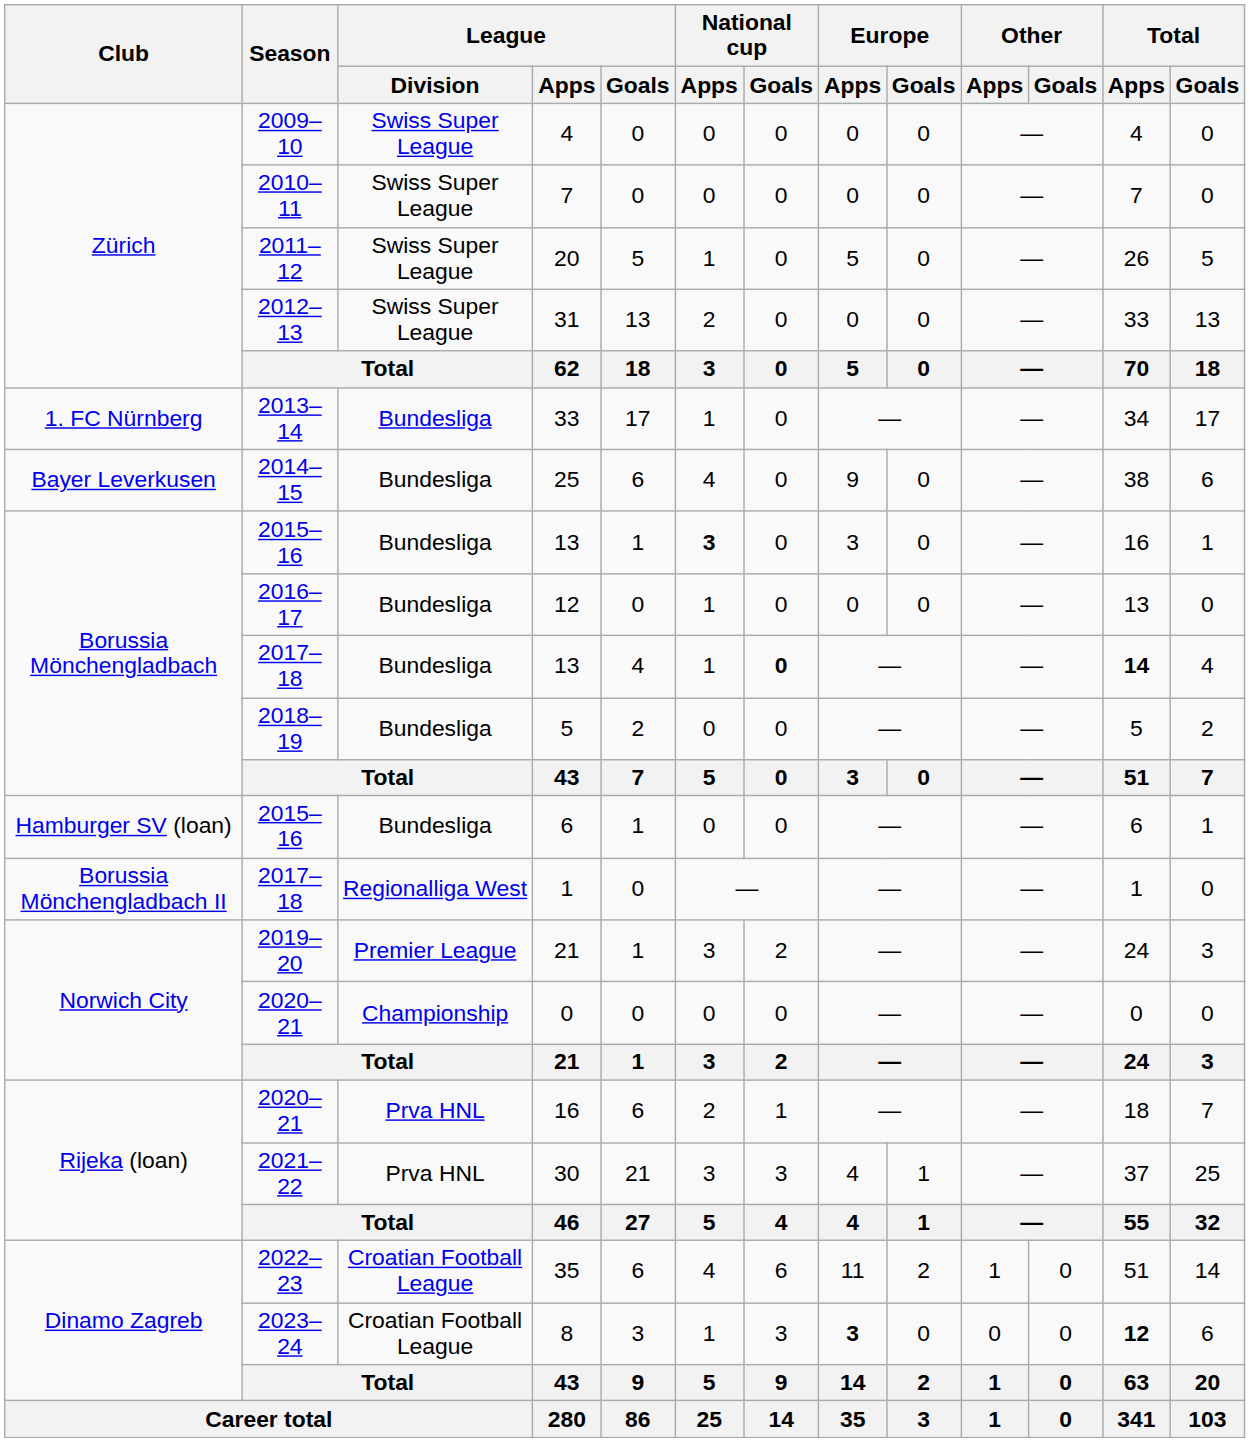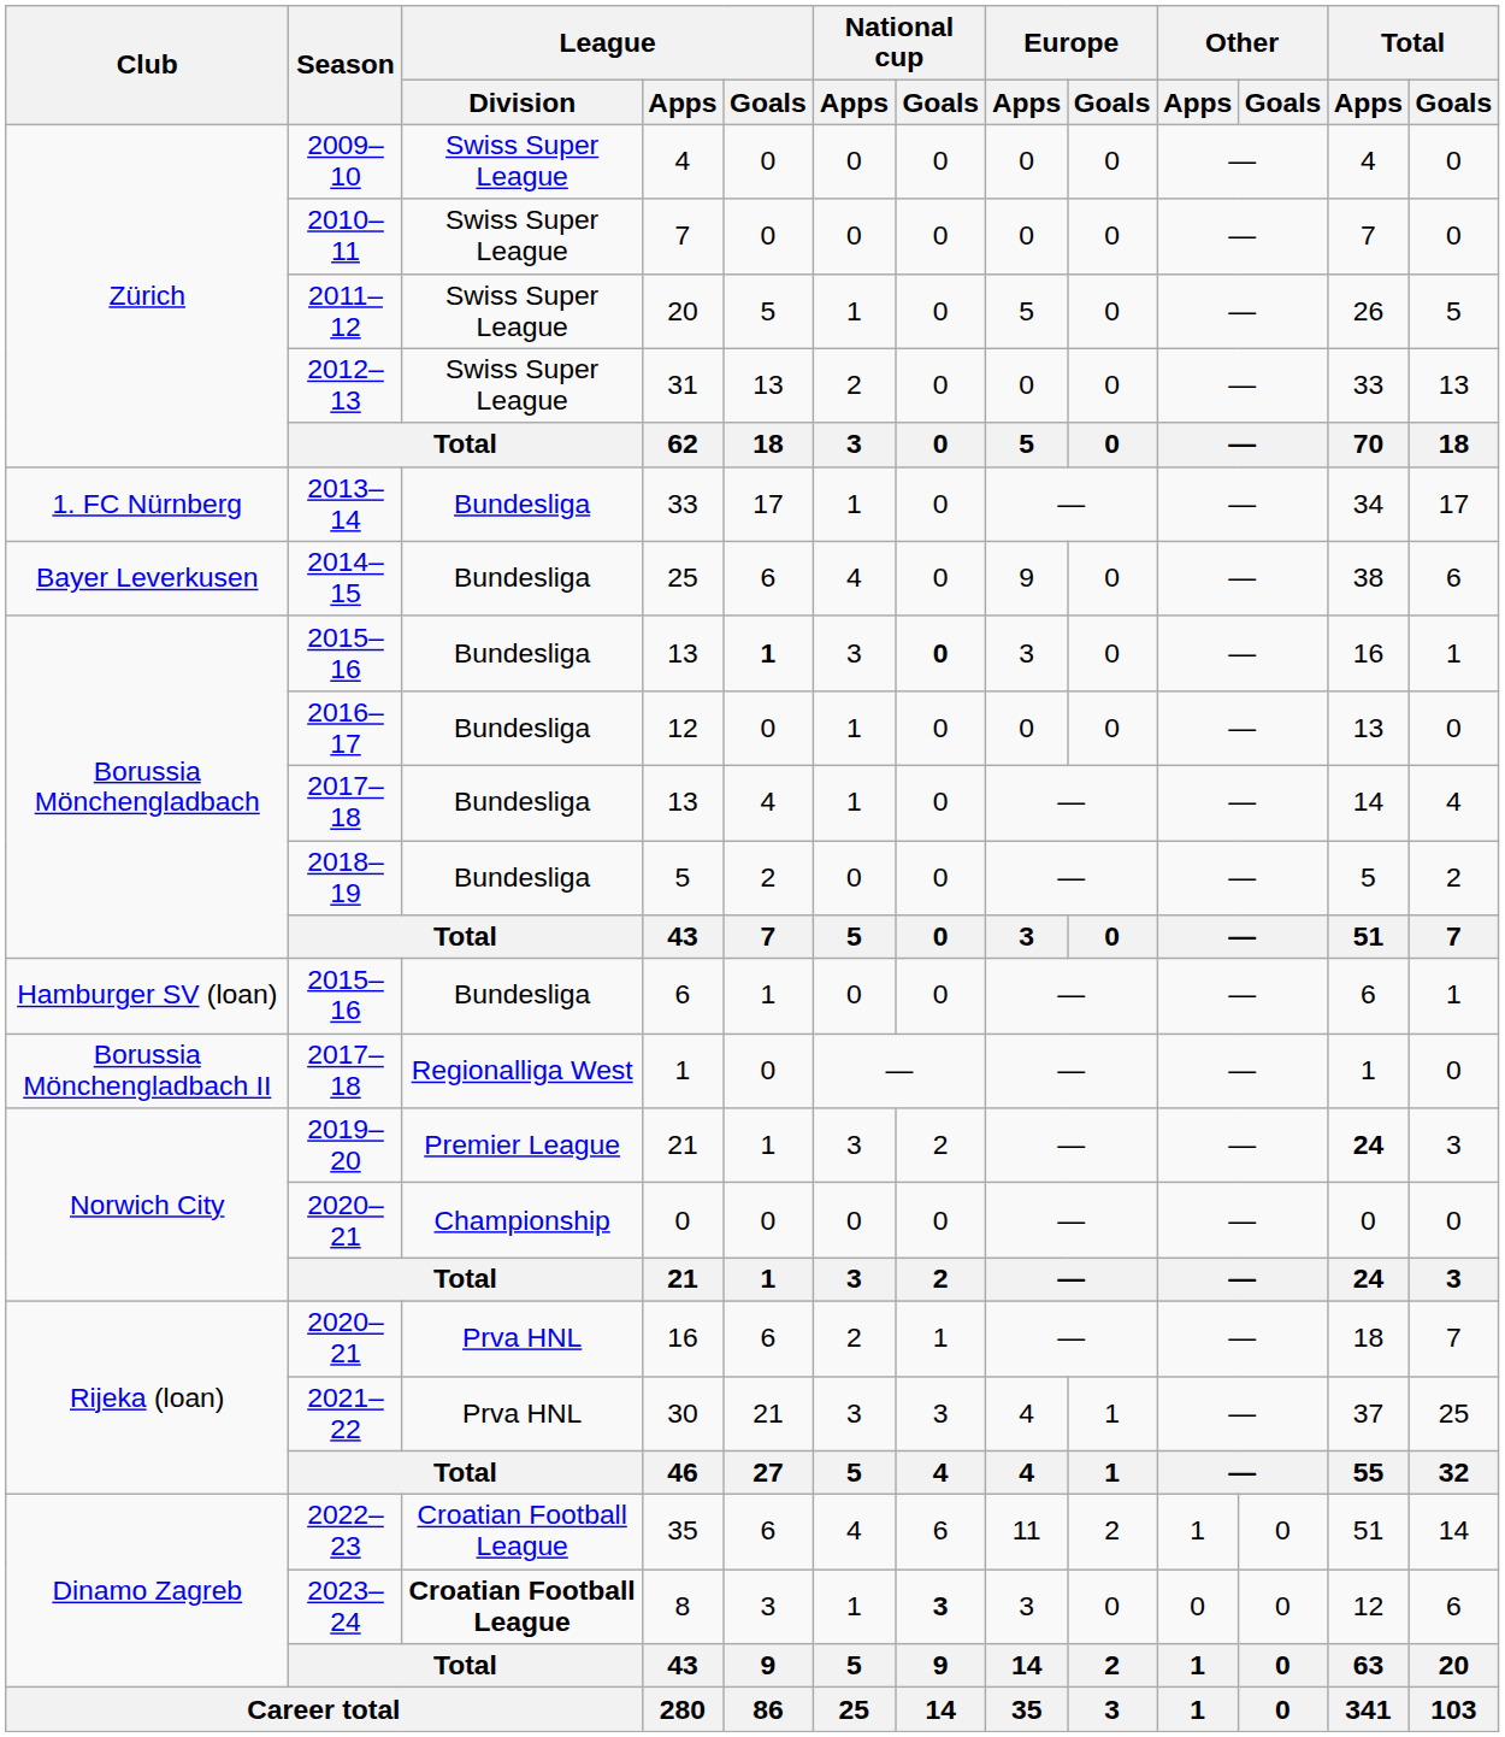 <table class=wikitable style=text-align:center>
 <tr>
 <th rowspan=2>Club</th>
 <th rowspan=2>Season</th>
 <th colspan=3>League</th>
 <th colspan=2>National cup</th>
 <th colspan=2>Europe</th>
 <th colspan=2>Other</th>
 <th colspan=2>Total</th>
 </tr>
 <tr>
 <th>Division</th>
 <th>Apps</th>
 <th>Goals</th>
 <th>Apps</th>
 <th>Goals</th>
 <th>Apps</th>
 <th>Goals</th>
 <th>Apps</th>
 <th>Goals</th>
 <th>Apps</th>
 <th>Goals</th>
 </tr>
 <tr>
 <td rowspan=5><a href='#'>Zürich</a></td>
 <td><a href='#'>2009–10</a></td>
 <td><a href='#'>Swiss Super League</a></td>
 <td>4</td>
 <td>0</td>
 <td>0</td>
 <td>0</td>
 <td>0</td>
 <td>0</td>
 <td colspan=2>—</td>
 <td>4</td>
 <td>0</td>
 </tr>
 <tr>
 <td><a href='#'>2010–11</a></td>
 <td>Swiss Super League</td>
 <td>7</td>
 <td>0</td>
 <td>0</td>
 <td>0</td>
 <td>0</td>
 <td>0</td>
 <td colspan=2>—</td>
 <td>7</td>
 <td>0</td>
 </tr>
 <tr>
 <td><a href='#'>2011–12</a></td>
 <td>Swiss Super League</td>
 <td>20</td>
 <td>5</td>
 <td>1</td>
 <td>0</td>
 <td>5</td>
 <td>0</td>
 <td colspan=2>—</td>
 <td>26</td>
 <td>5</td>
 </tr>
 <tr>
 <td><a href='#'>2012–13</a></td>
 <td>Swiss Super League</td>
 <td>31</td>
 <td>13</td>
 <td>2</td>
 <td>0</td>
 <td>0</td>
 <td>0</td>
 <td colspan=2>—</td>
 <td>33</td>
 <td>13</td>
 </tr>
 <tr>
 <th colspan=2>Total</th>
 <th>62</th>
 <th>18</th>
 <th>3</th>
 <th>0</th>
 <th>5</th>
 <th>0</th>
 <th colspan=2>—</th>
 <th>70</th>
 <th>18</th>
 </tr>
 <tr>
 <td><a href='#'>1. FC Nürnberg</a></td>
 <td><a href='#'>2013–14</a></td>
 <td><a href='#'>Bundesliga</a></td>
 <td>33</td>
 <td>17</td>
 <td>1</td>
 <td>0</td>
 <td colspan=2>—</td>
 <td colspan=2>—</td>
 <td>34</td>
 <td>17</td>
 </tr>
 <tr>
 <td><a href='#'>Bayer Leverkusen</a></td>
 <td><a href='#'>2014–15</a></td>
 <td>Bundesliga</td>
 <td>25</td>
 <td>6</td>
 <td>4</td>
 <td>0</td>
 <td>9</td>
 <td>0</td>
 <td colspan=2>—</td>
 <td>38</td>
 <td>6</td>
 </tr>
 <tr>
 <td rowspan=5><a href='#'>Borussia Mönchengladbach</a></td>
 <td><a href='#'>2015–16</a></td>
 <td>Bundesliga</td>
 <td>13</td>
-<td>1</td>
-<td><strong>3</strong></td>
-<td>0</td>
+<td><strong>1</strong></td>
+<td>3</td>
+<td><strong>0</strong></td>
 <td>3</td>
 <td>0</td>
 <td colspan=2>—</td>
 <td>16</td>
 <td>1</td>
 </tr>
 <tr>
 <td><a href='#'>2016–17</a></td>
 <td>Bundesliga</td>
 <td>12</td>
 <td>0</td>
 <td>1</td>
 <td>0</td>
 <td>0</td>
 <td>0</td>
 <td colspan=2>—</td>
 <td>13</td>
 <td>0</td>
 </tr>
 <tr>
 <td><a href='#'>2017–18</a></td>
 <td>Bundesliga</td>
 <td>13</td>
 <td>4</td>
 <td>1</td>
-<td><strong>0</strong></td>
+<td>0</td>
 <td colspan=2>—</td>
 <td colspan=2>—</td>
-<td><strong>14</strong></td>
+<td>14</td>
 <td>4</td>
 </tr>
 <tr>
 <td><a href='#'>2018–19</a></td>
 <td>Bundesliga</td>
 <td>5</td>
 <td>2</td>
 <td>0</td>
 <td>0</td>
 <td colspan=2>—</td>
 <td colspan=2>—</td>
 <td>5</td>
 <td>2</td>
 </tr>
 <tr>
 <th colspan=2>Total</th>
 <th>43</th>
 <th>7</th>
 <th>5</th>
 <th>0</th>
 <th>3</th>
 <th>0</th>
 <th colspan=2>—</th>
 <th>51</th>
 <th>7</th>
 </tr>
 <tr>
 <td><a href='#'>Hamburger SV</a> (loan)</td>
 <td><a href='#'>2015–16</a></td>
 <td>Bundesliga</td>
 <td>6</td>
 <td>1</td>
 <td>0</td>
 <td>0</td>
 <td colspan=2>—</td>
 <td colspan=2>—</td>
 <td>6</td>
 <td>1</td>
 </tr>
 <tr>
 <td><a href='#'>Borussia Mönchengladbach II</a></td>
 <td><a href='#'>2017–18</a></td>
 <td><a href='#'>Regionalliga West</a></td>
 <td>1</td>
 <td>0</td>
 <td colspan=2>—</td>
 <td colspan=2>—</td>
 <td colspan=2>—</td>
 <td>1</td>
 <td>0</td>
 </tr>
 <tr>
 <td rowspan=3><a href='#'>Norwich City</a></td>
 <td><a href='#'>2019–20</a></td>
 <td><a href='#'>Premier League</a></td>
 <td>21</td>
 <td>1</td>
 <td>3</td>
 <td>2</td>
 <td colspan=2>—</td>
 <td colspan=2>—</td>
-<td>24</td>
+<td><strong>24</strong></td>
 <td>3</td>
 </tr>
 <tr>
 <td><a href='#'>2020–21</a></td>
 <td><a href='#'>Championship</a></td>
 <td>0</td>
 <td>0</td>
 <td>0</td>
 <td>0</td>
 <td colspan=2>—</td>
 <td colspan=2>—</td>
 <td>0</td>
 <td>0</td>
 </tr>
 <tr>
 <th colspan=2>Total</th>
 <th>21</th>
 <th>1</th>
 <th>3</th>
 <th>2</th>
 <th colspan=2>—</th>
 <th colspan=2>—</th>
 <th>24</th>
 <th>3</th>
 </tr>
 <tr>
 <td rowspan=3><a href='#'>Rijeka</a> (loan)</td>
 <td><a href='#'>2020–21</a></td>
 <td><a href='#'>Prva HNL</a></td>
 <td>16</td>
 <td>6</td>
 <td>2</td>
 <td>1</td>
 <td colspan=2>—</td>
 <td colspan=2>—</td>
 <td>18</td>
 <td>7</td>
 </tr>
 <tr>
 <td><a href='#'>2021–22</a></td>
 <td>Prva HNL</td>
 <td>30</td>
 <td>21</td>
 <td>3</td>
 <td>3</td>
 <td>4</td>
 <td>1</td>
 <td colspan=2>—</td>
 <td>37</td>
 <td>25</td>
 </tr>
 <tr>
 <th colspan=2>Total</th>
 <th>46</th>
 <th>27</th>
 <th>5</th>
 <th>4</th>
 <th>4</th>
 <th>1</th>
 <th colspan=2>—</th>
 <th>55</th>
 <th>32</th>
 </tr>
 <tr>
 <td rowspan="3"><a href='#'>Dinamo Zagreb</a></td>
 <td><a href='#'>2022–23</a></td>
 <td><a href='#'>Croatian Football League</a></td>
 <td>35</td>
 <td>6</td>
 <td>4</td>
 <td>6</td>
 <td>11</td>
 <td>2</td>
 <td>1</td>
 <td>0</td>
 <td>51</td>
 <td>14</td>
 </tr>
 <tr>
 <td><a href='#'>2023–24</a></td>
-<td>Croatian Football League</td>
+<td><strong>Croatian Football League</strong></td>
 <td>8</td>
 <td>3</td>
 <td>1</td>
+<td><strong>3</strong></td>
 <td>3</td>
-<td><strong>3</strong></td>
 <td>0</td>
 <td>0</td>
 <td>0</td>
-<td><strong>12</strong></td>
+<td>12</td>
 <td>6</td>
 </tr>
 <tr>
 <th colspan=2>Total</th>
 <th>43</th>
 <th>9</th>
 <th>5</th>
 <th>9</th>
 <th>14</th>
 <th>2</th>
 <th>1</th>
 <th>0</th>
 <th>63</th>
 <th>20</th>
 </tr>
 <tr>
 <th colspan=3>Career total</th>
 <th>280</th>
 <th>86</th>
 <th>25</th>
 <th>14</th>
 <th>35</th>
 <th>3</th>
 <th>1</th>
 <th>0</th>
 <th>341</th>
 <th>103</th>
 </tr>
 </table>
